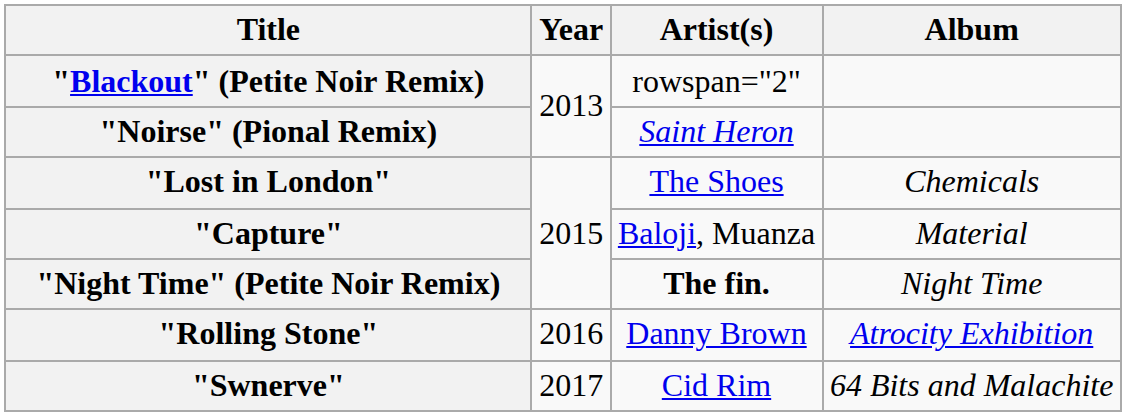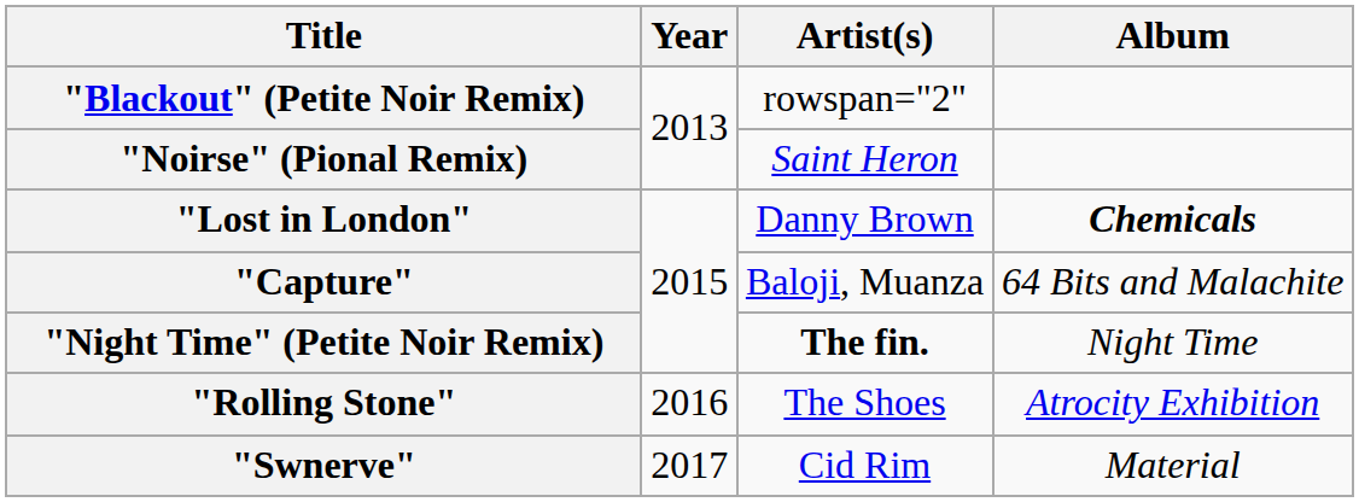 <table class="wikitable plainrowheaders" style="text-align:center;">
 <tr>
 <th scope="col" style="width:16em;">Title</th>
 <th scope="col">Year</th>
 <th scope="col">Artist(s)</th>
 <th scope="col">Album</th>
 </tr>
 <tr>
 <th scope="row">"<a href='#'>Blackout</a>" (Petite Noir Remix)</th>
 <td rowspan="2">2013</td>
 <td>rowspan="2"  </td>
 <td></td>
 </tr>
 <tr>
 <th scope="row">"Noirse" (Pional Remix)</th>
 <td><em><a href='#'>Saint Heron</a></em></td>
 </tr>
 <tr>
 <th scope="row">"Lost in London"</th>
 <td rowspan="3">2015</td>
-<td><a href='#'>The Shoes</a></td>
-<td><em>Chemicals</em></td>
+<td><a href='#'>Danny Brown</a></td>
+<td><strong><em>Chemicals</em></strong></td>
 </tr>
 <tr>
 <th scope="row">"Capture"</th>
 <td><a href='#'>Baloji</a>, Muanza</td>
-<td><em>Material</em></td>
+<td><em>64 Bits and Malachite</em></td>
 </tr>
 <tr>
 <th scope="row">"Night Time" (Petite Noir Remix)</th>
 <td><strong>The fin.</strong></td>
 <td><em>Night Time</em></td>
 </tr>
 <tr>
 <th scope="row">"Rolling Stone"</th>
 <td rowspan="1">2016</td>
-<td><a href='#'>Danny Brown</a></td>
+<td><a href='#'>The Shoes</a></td>
 <td><em><a href='#'>Atrocity Exhibition</a></em></td>
 </tr>
 <tr>
 <th scope="row">"Swnerve"</th>
 <td rowspan="1">2017</td>
 <td><a href='#'>Cid Rim</a></td>
-<td><em>64 Bits and Malachite</em></td>
+<td><em>Material</em></td>
 </tr>
 </table>
